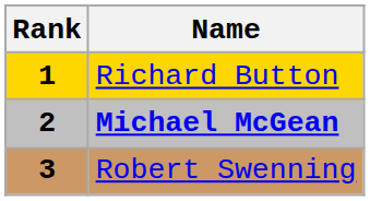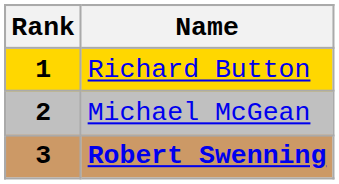 <table class="wikitable">
 <tr>
 <th>Rank</th>
 <th>Name</th>
 </tr>
 <tr bgcolor="gold">
 <td align="center"><strong>1</strong></td>
 <td><a href='#'>Richard Button</a></td>
 </tr>
 <tr bgcolor="silver">
 <td align="center"><strong>2</strong></td>
-<td><strong><a href='#'>Michael McGean</a></strong></td>
+<td><a href='#'>Michael McGean</a></td>
 </tr>
 <tr bgcolor="cc9966">
 <td align="center"><strong>3</strong></td>
-<td><a href='#'>Robert Swenning</a></td>
+<td><strong><a href='#'>Robert Swenning</a></strong></td>
 </tr>
 </table>
